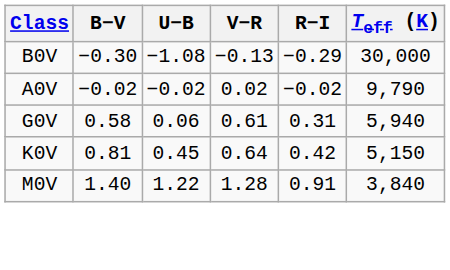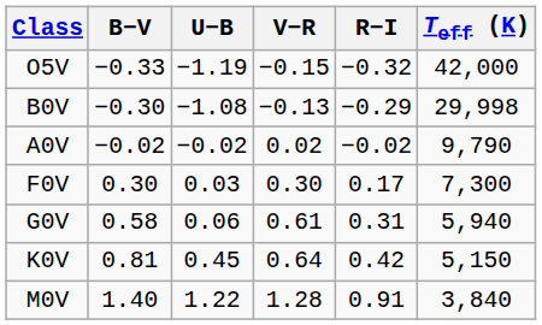 <table class="wikitable sortable" style="float: right; text-align: center; border: 1px; margin-left: 0.5em;">
 <tr>
 <th><a href='#'>Class</a></th>
 <th>B−V</th>
 <th>U−B</th>
 <th>V−R</th>
 <th>R−I</th>
 <th><a href='#'><em>T</em><sub>eff</sub></a> (<a href='#'>K</a>)</th>
 </tr>
 <tr>
+<td>O5V</td>
+<td>−0.33</td>
+<td>−1.19</td>
+<td>−0.15</td>
+<td>−0.32</td>
+<td>42,000</td>
+</tr>
+<tr>
 <td>B0V</td>
 <td>−0.30</td>
 <td>−1.08</td>
 <td>−0.13</td>
 <td>−0.29</td>
-<td>30,000</td>
+<td>29,998</td>
 </tr>
 <tr>
 <td>A0V</td>
 <td>−0.02</td>
 <td>−0.02</td>
 <td>0.02</td>
 <td>−0.02</td>
 <td>9,790</td>
+</tr>
+<tr>
+<td>F0V</td>
+<td>0.30</td>
+<td>0.03</td>
+<td>0.30</td>
+<td>0.17</td>
+<td>7,300</td>
 </tr>
 <tr>
 <td>G0V</td>
 <td>0.58</td>
 <td>0.06</td>
 <td>0.61</td>
 <td>0.31</td>
 <td>5,940</td>
 </tr>
 <tr>
 <td>K0V</td>
 <td>0.81</td>
 <td>0.45</td>
 <td>0.64</td>
 <td>0.42</td>
 <td>5,150</td>
 </tr>
 <tr>
 <td>M0V</td>
 <td>1.40</td>
 <td>1.22</td>
 <td>1.28</td>
 <td>0.91</td>
 <td>3,840</td>
 </tr>
 </table>
